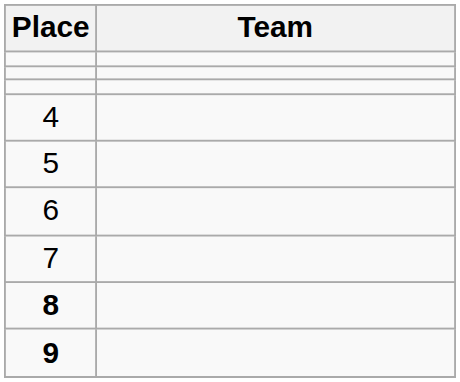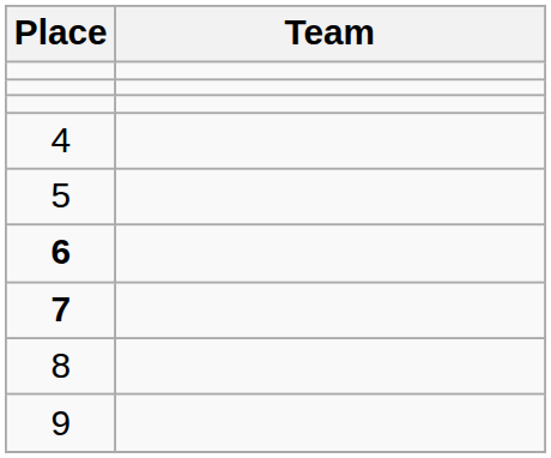 <table class=wikitable style=text-align:center>
 <tr>
 <th width=35>Place</th>
 <th width=185>Team</th>
 </tr>
 <tr>
 <td></td>
 <td style="text-align:left;"></td>
 </tr>
 <tr>
 <td></td>
 <td style="text-align:left;"></td>
 </tr>
 <tr>
 <td></td>
 <td style="text-align:left;"></td>
 </tr>
 <tr>
 <td>4</td>
 <td style="text-align:left;"></td>
 </tr>
 <tr>
 <td>5</td>
 <td style="text-align:left;"></td>
 </tr>
 <tr>
-<td>6</td>
+<td><strong>6</strong></td>
 <td style="text-align:left;"></td>
 </tr>
 <tr>
-<td>7</td>
+<td><strong>7</strong></td>
 <td style="text-align:left;"></td>
 </tr>
 <tr>
-<td><strong>8</strong></td>
+<td>8</td>
 <td style="text-align:left;"></td>
 </tr>
 <tr>
-<td><strong>9</strong></td>
+<td>9</td>
 <td style="text-align:left;"></td>
 </tr>
 <tr>
 </tr>
 </table>
